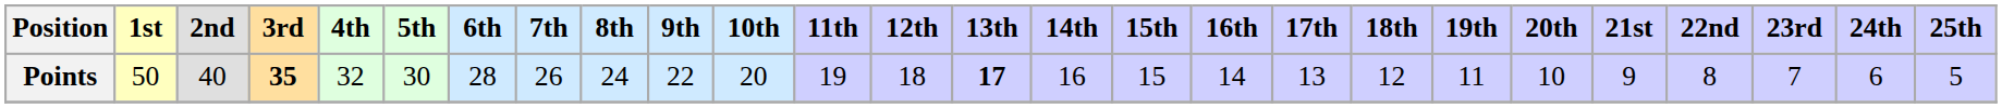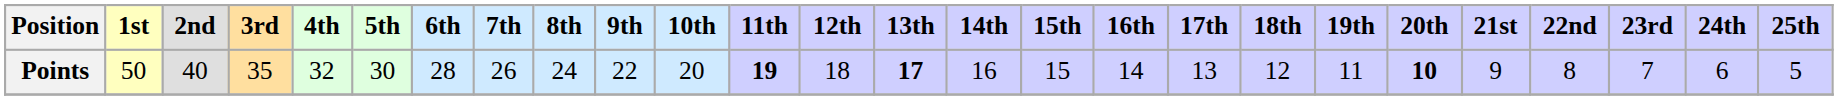 <table class="wikitable" style="font-size:75%; text-align:center">
 <tr>
 <th>Position</th>
 <td style="background:#FFFFBF;"> <strong>1st</strong> </td>
 <td style="background:#DFDFDF;"> <strong>2nd</strong> </td>
 <td style="background:#FFDF9F;"> <strong>3rd</strong> </td>
 <td style="background:#DFFFDF;"> <strong>4th</strong> </td>
 <td style="background:#DFFFDF;"> <strong>5th</strong> </td>
 <td style="background:#CFEAFF;"> <strong>6th</strong> </td>
 <td style="background:#CFEAFF;"> <strong>7th</strong> </td>
 <td style="background:#CFEAFF;"> <strong>8th</strong> </td>
 <td style="background:#CFEAFF;"> <strong>9th</strong> </td>
 <td style="background:#CFEAFF;"> <strong>10th</strong> </td>
 <td style="background:#CFCFFF;"> <strong>11th</strong> </td>
 <td style="background:#CFCFFF;"> <strong>12th</strong> </td>
 <td style="background:#CFCFFF;"> <strong>13th</strong> </td>
 <td style="background:#CFCFFF;"> <strong>14th</strong> </td>
 <td style="background:#CFCFFF;"> <strong>15th</strong> </td>
 <td style="background:#CFCFFF;"> <strong>16th</strong> </td>
 <td style="background:#CFCFFF;"> <strong>17th</strong> </td>
 <td style="background:#CFCFFF;"> <strong>18th</strong> </td>
 <td style="background:#CFCFFF;"> <strong>19th</strong> </td>
 <td style="background:#CFCFFF;"> <strong>20th</strong> </td>
 <td style="background:#CFCFFF;"> <strong>21st</strong> </td>
 <td style="background:#CFCFFF;"> <strong>22nd</strong> </td>
 <td style="background:#CFCFFF;"> <strong>23rd</strong> </td>
 <td style="background:#CFCFFF;"> <strong>24th</strong> </td>
 <td style="background:#CFCFFF;"> <strong>25th</strong> </td>
 </tr>
 <tr>
 <th>Points</th>
 <td style="background:#FFFFBF;">50</td>
 <td style="background:#DFDFDF;">40</td>
-<td style="background:#FFDF9F;"><strong>35</strong></td>
+<td style="background:#FFDF9F;">35</td>
 <td style="background:#DFFFDF;">32</td>
 <td style="background:#DFFFDF;">30</td>
 <td style="background:#CFEAFF;">28</td>
 <td style="background:#CFEAFF;">26</td>
 <td style="background:#CFEAFF;">24</td>
 <td style="background:#CFEAFF;">22</td>
 <td style="background:#CFEAFF;">20</td>
-<td style="background:#CFCFFF;">19</td>
+<td style="background:#CFCFFF;"><strong>19</strong></td>
 <td style="background:#CFCFFF;">18</td>
 <td style="background:#CFCFFF;"><strong>17</strong></td>
 <td style="background:#CFCFFF;">16</td>
 <td style="background:#CFCFFF;">15</td>
 <td style="background:#CFCFFF;">14</td>
 <td style="background:#CFCFFF;">13</td>
 <td style="background:#CFCFFF;">12</td>
 <td style="background:#CFCFFF;">11</td>
-<td style="background:#CFCFFF;">10</td>
+<td style="background:#CFCFFF;"><strong>10</strong></td>
 <td style="background:#CFCFFF;">9</td>
 <td style="background:#CFCFFF;">8</td>
 <td style="background:#CFCFFF;">7</td>
 <td style="background:#CFCFFF;">6</td>
 <td style="background:#CFCFFF;">5</td>
 </tr>
 <tr>
 </tr>
 </table>
